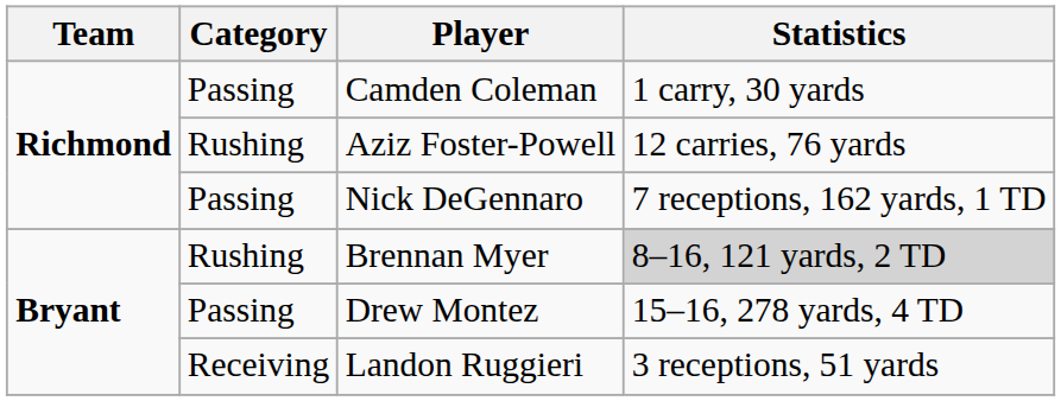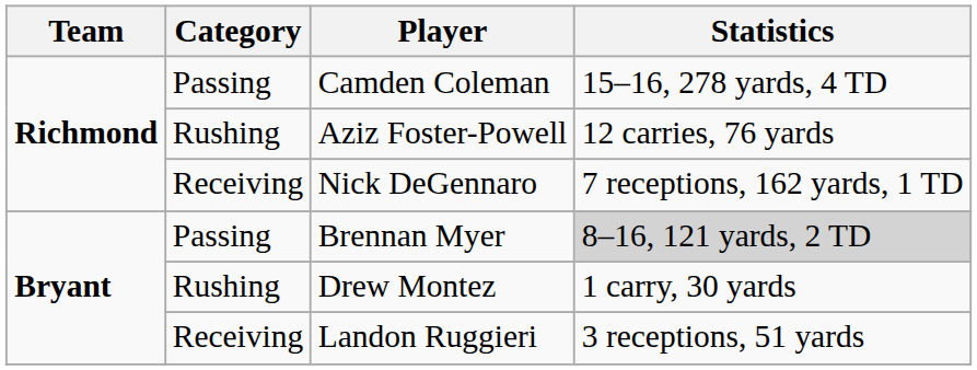 <table class="wikitable" style="float: right;">
 <tr>
 <th>Team</th>
 <th>Category</th>
 <th>Player</th>
 <th>Statistics</th>
 </tr>
 <tr>
 <td rowspan=3><strong>Richmond</strong></td>
 <td>Passing</td>
 <td>Camden Coleman</td>
-<td>1 carry, 30 yards</td>
+<td>15–16, 278 yards, 4 TD</td>
 </tr>
 <tr>
 <td>Rushing</td>
 <td>Aziz Foster-Powell</td>
 <td>12 carries, 76 yards</td>
 </tr>
 <tr>
-<td>Passing</td>
+<td>Receiving</td>
 <td>Nick DeGennaro</td>
 <td>7 receptions, 162 yards, 1 TD</td>
 </tr>
 <tr>
 <td rowspan=3><strong>Bryant</strong></td>
-<td>Rushing</td>
+<td>Passing</td>
 <td>Brennan Myer</td>
 <td style="background: lightgrey;">8–16, 121 yards, 2 TD</td>
 </tr>
 <tr>
-<td>Passing</td>
+<td>Rushing</td>
 <td>Drew Montez</td>
-<td>15–16, 278 yards, 4 TD</td>
+<td>1 carry, 30 yards</td>
 </tr>
 <tr>
 <td>Receiving</td>
 <td>Landon Ruggieri</td>
 <td>3 receptions, 51 yards</td>
 </tr>
 </table>
